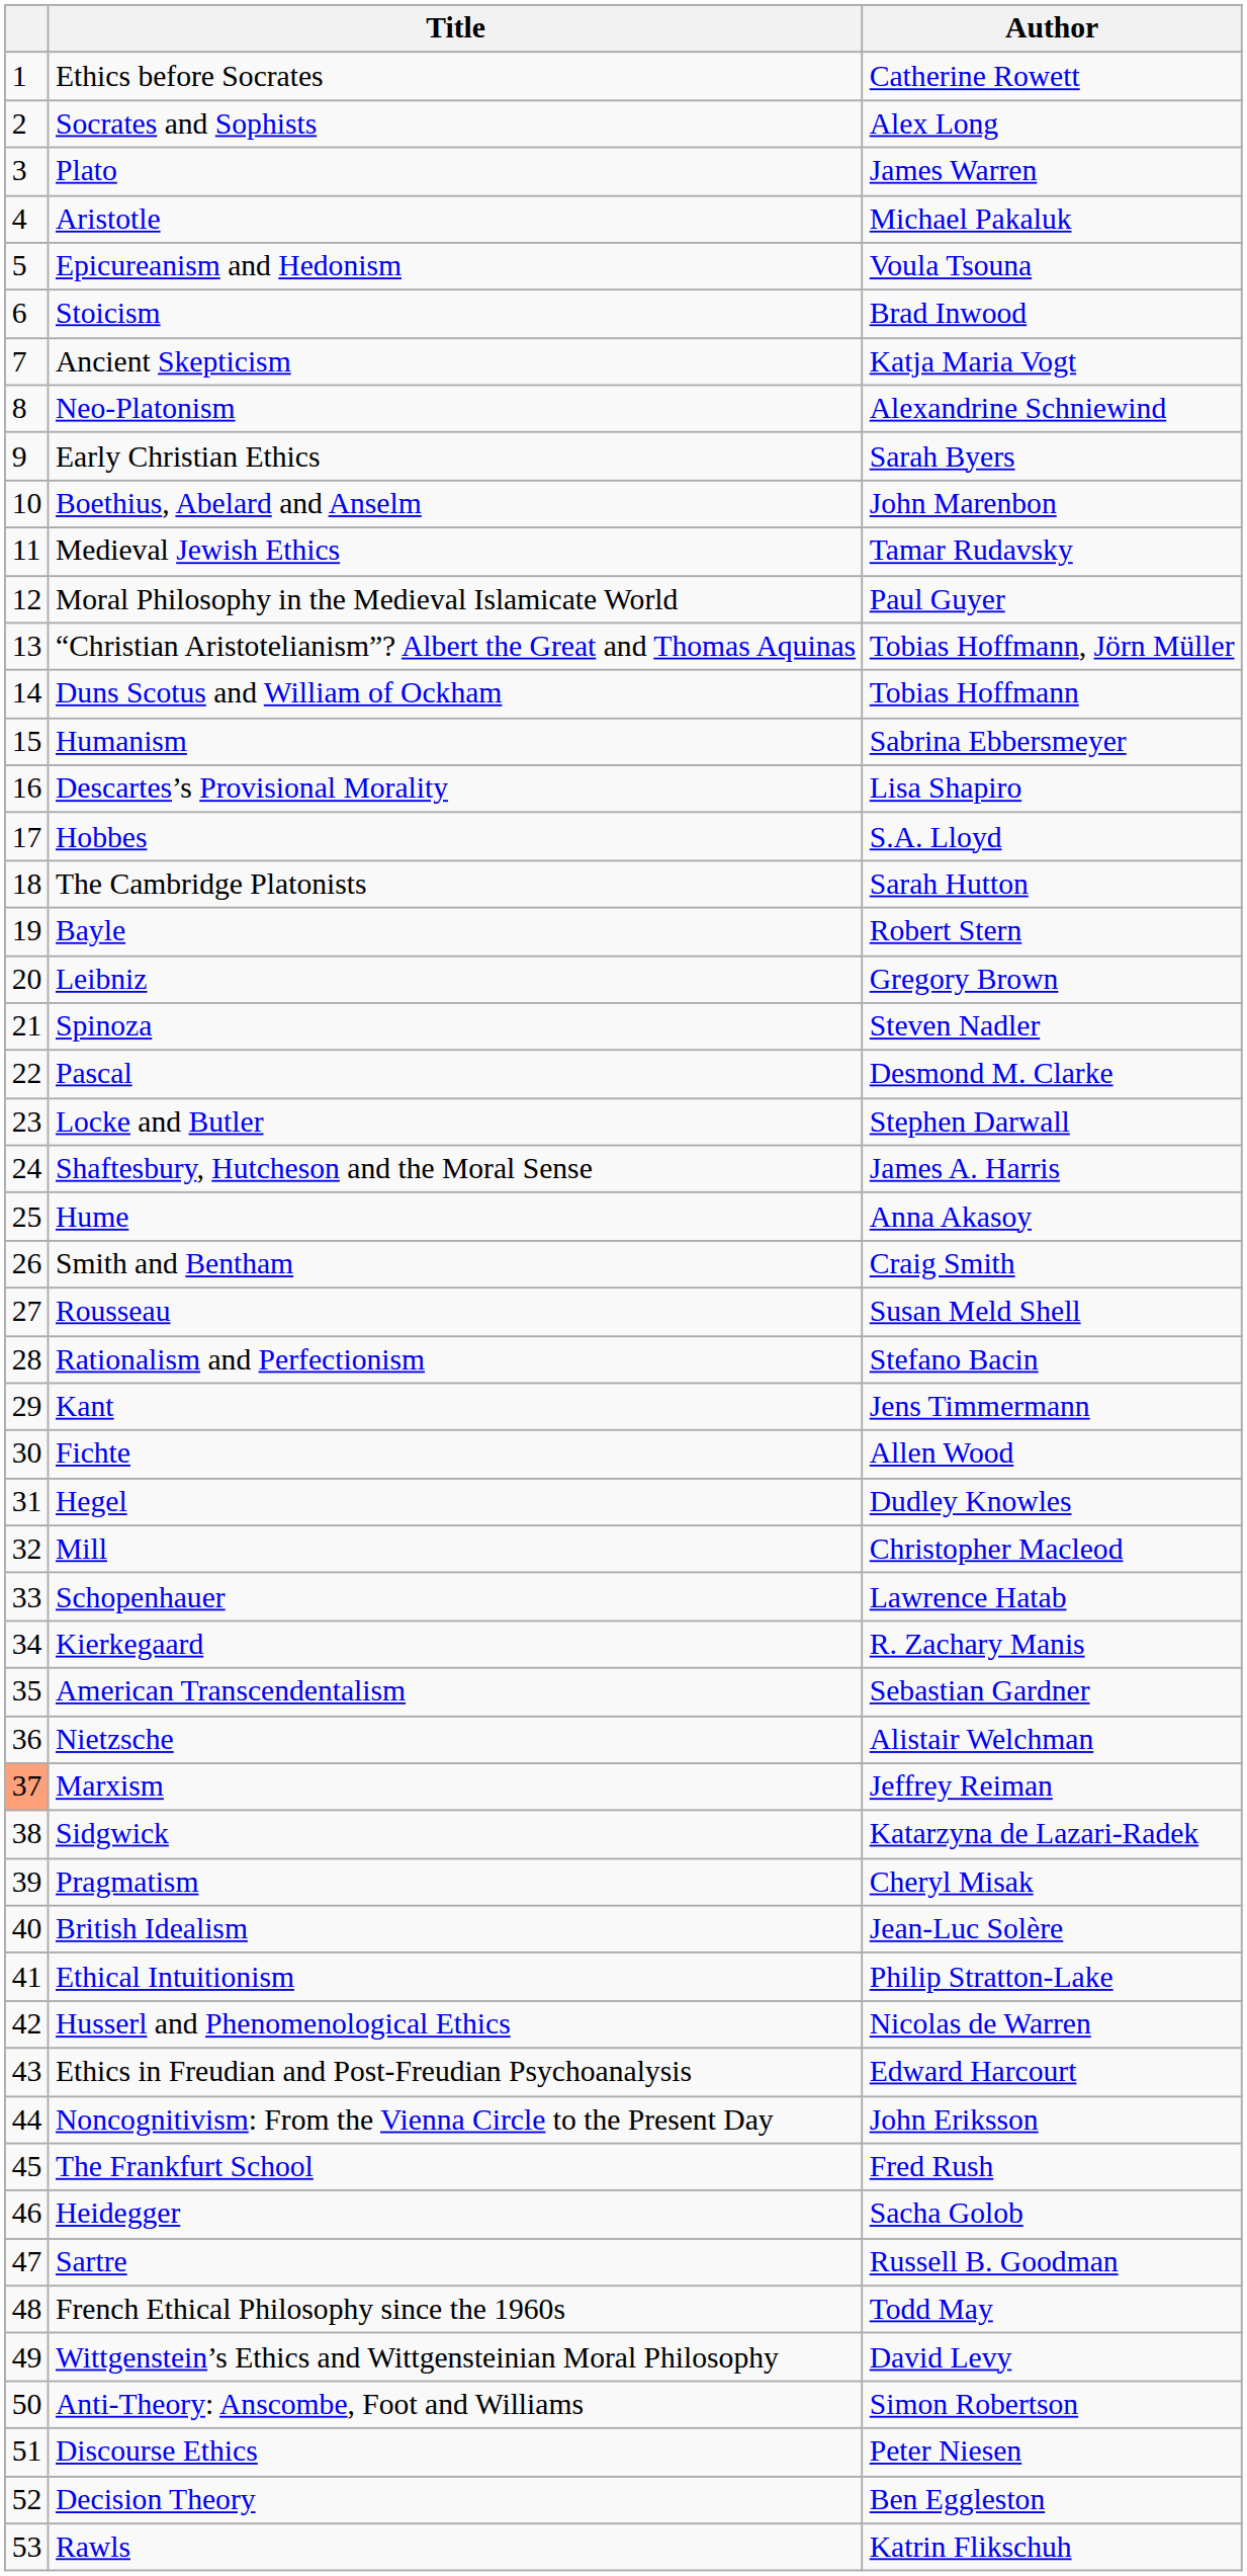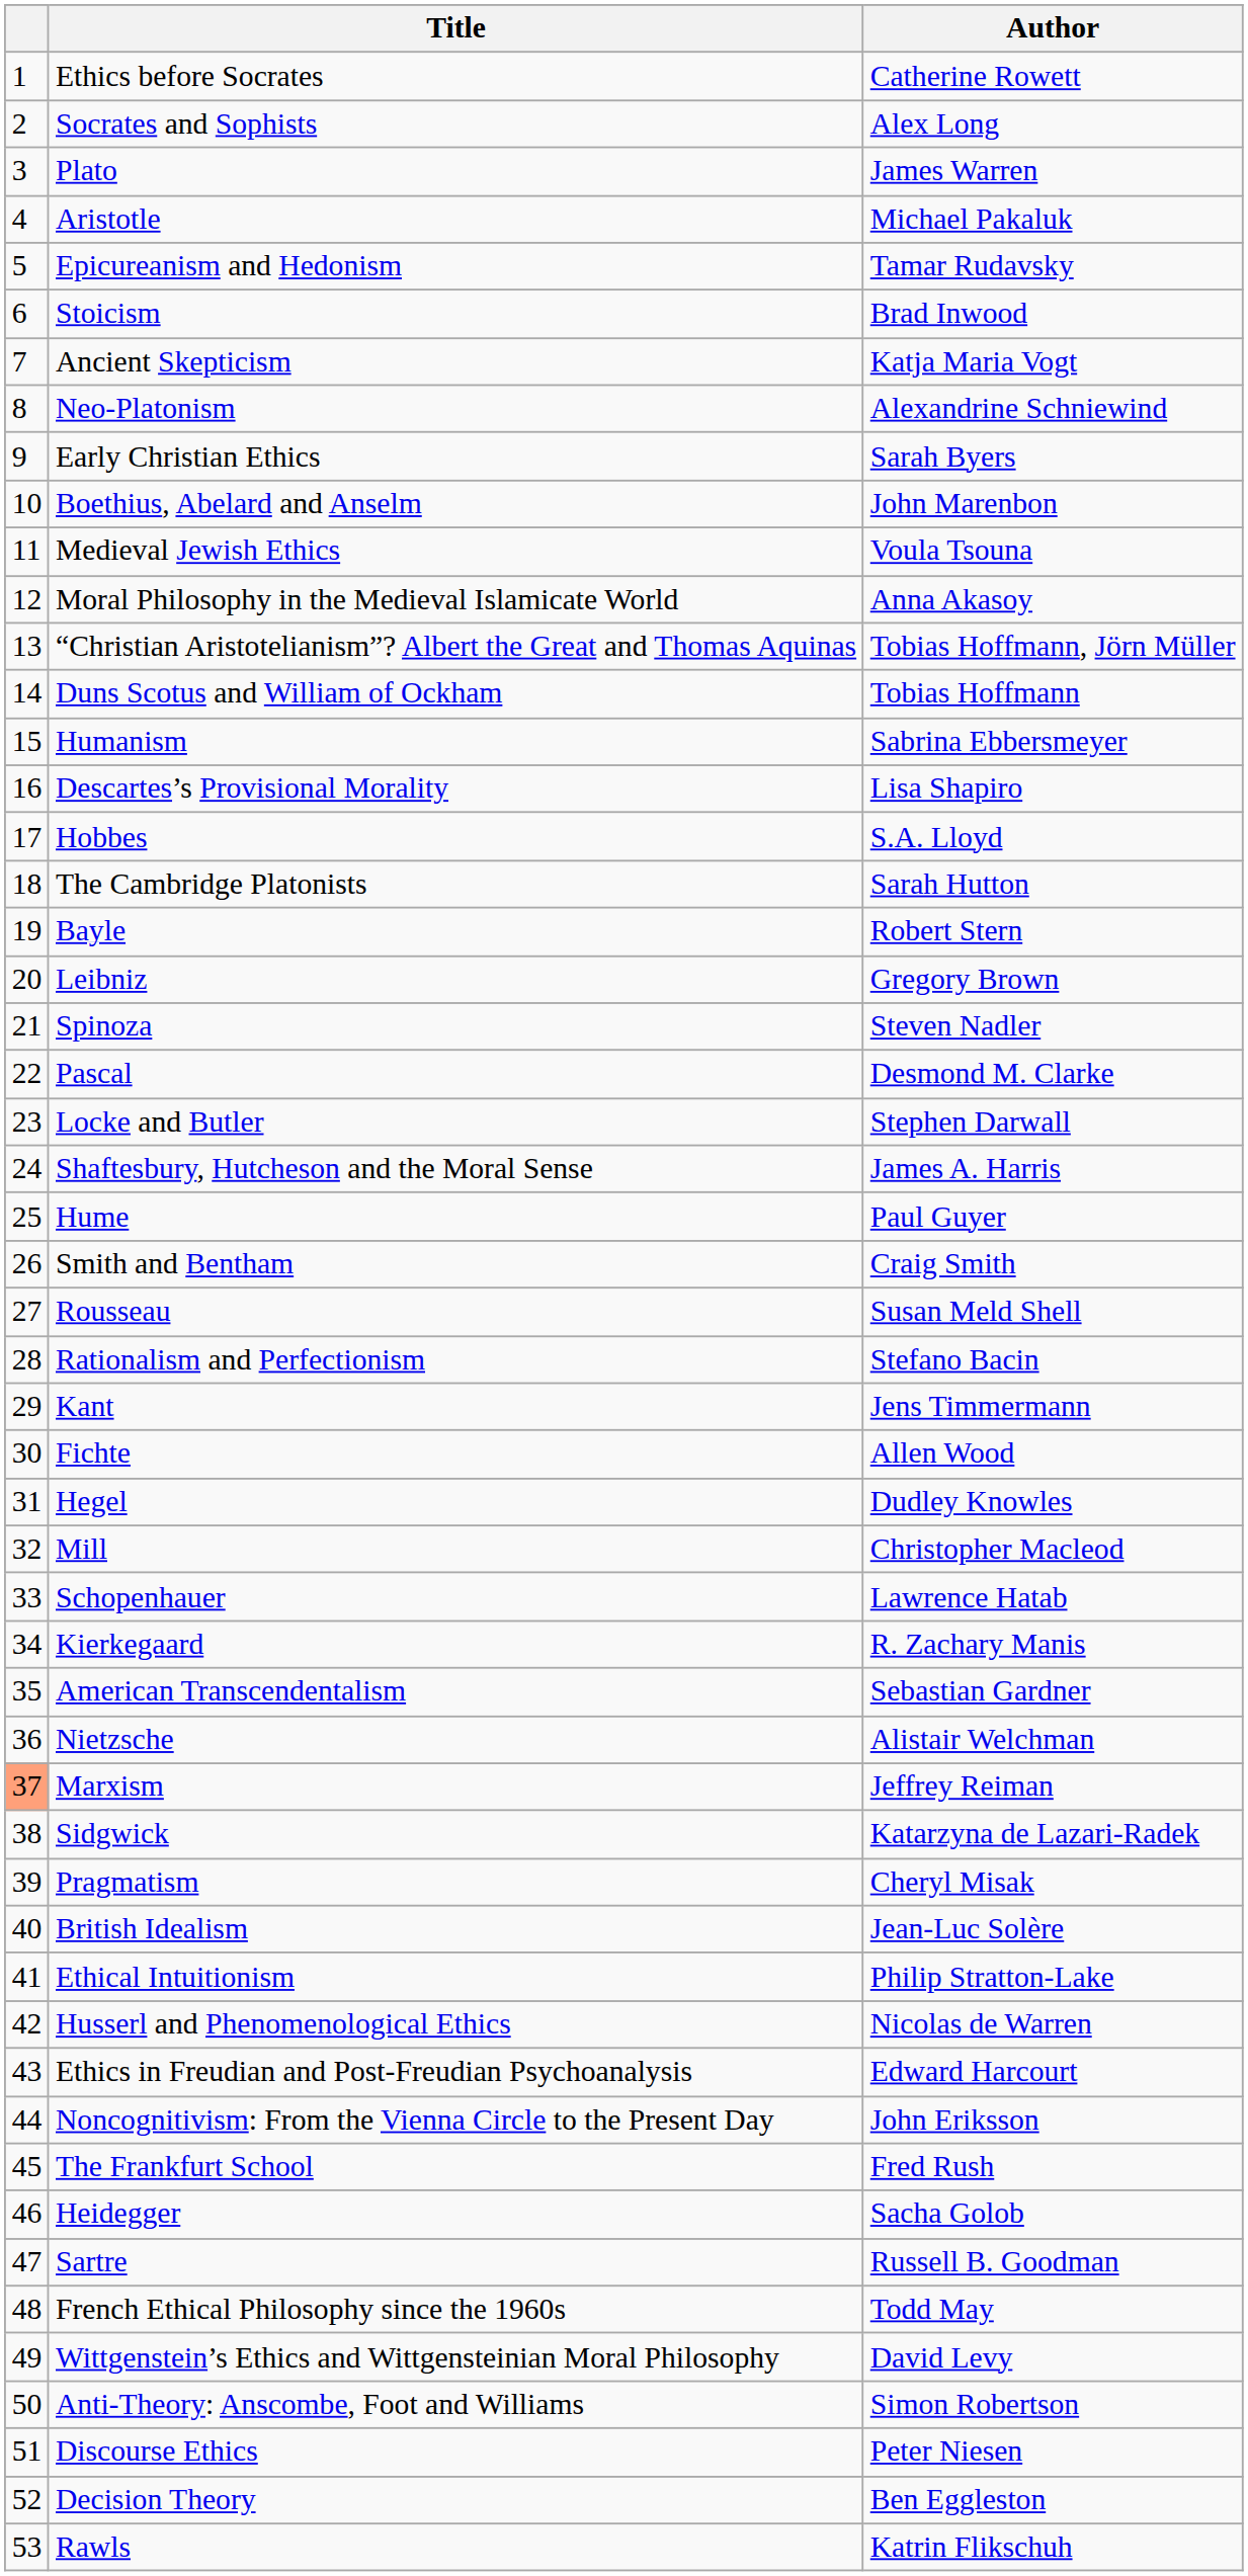 <table class="wikitable">
 <tr>
 <th></th>
 <th>Title</th>
 <th>Author</th>
 </tr>
 <tr>
 <td>1</td>
 <td>Ethics before Socrates</td>
 <td><a href='#'>Catherine Rowett</a></td>
 </tr>
 <tr>
 <td>2</td>
 <td><a href='#'>Socrates</a> and <a href='#'>Sophists</a></td>
 <td><a href='#'>Alex Long</a></td>
 </tr>
 <tr>
 <td>3</td>
 <td><a href='#'>Plato</a></td>
 <td><a href='#'>James Warren</a></td>
 </tr>
 <tr>
 <td>4</td>
 <td><a href='#'>Aristotle</a></td>
 <td><a href='#'>Michael Pakaluk</a></td>
 </tr>
 <tr>
 <td>5</td>
 <td><a href='#'>Epicureanism</a> and <a href='#'>Hedonism</a></td>
-<td><a href='#'>Voula Tsouna</a></td>
+<td><a href='#'>Tamar Rudavsky</a></td>
 </tr>
 <tr>
 <td>6</td>
 <td><a href='#'>Stoicism</a></td>
 <td><a href='#'>Brad Inwood</a></td>
 </tr>
 <tr>
 <td>7</td>
 <td>Ancient <a href='#'>Skepticism</a></td>
 <td><a href='#'>Katja Maria Vogt</a></td>
 </tr>
 <tr>
 <td>8</td>
 <td><a href='#'>Neo-Platonism</a></td>
 <td><a href='#'>Alexandrine Schniewind</a></td>
 </tr>
 <tr>
 <td>9</td>
 <td>Early Christian Ethics</td>
 <td><a href='#'>Sarah Byers</a></td>
 </tr>
 <tr>
 <td>10</td>
 <td><a href='#'>Boethius</a>, <a href='#'>Abelard</a> and <a href='#'>Anselm</a></td>
 <td><a href='#'>John Marenbon</a></td>
 </tr>
 <tr>
 <td>11</td>
 <td>Medieval <a href='#'>Jewish Ethics</a></td>
-<td><a href='#'>Tamar Rudavsky</a></td>
+<td><a href='#'>Voula Tsouna</a></td>
 </tr>
 <tr>
 <td>12</td>
 <td>Moral Philosophy in the Medieval Islamicate World</td>
-<td><a href='#'>Paul Guyer</a></td>
+<td><a href='#'>Anna Akasoy</a></td>
 </tr>
 <tr>
 <td>13</td>
 <td>“Christian Aristotelianism”? <a href='#'>Albert the Great</a> and <a href='#'>Thomas Aquinas</a></td>
 <td><a href='#'>Tobias Hoffmann</a>, <a href='#'>Jörn Müller</a></td>
 </tr>
 <tr>
 <td>14</td>
 <td><a href='#'>Duns Scotus</a> and <a href='#'>William of Ockham</a></td>
 <td><a href='#'>Tobias Hoffmann</a></td>
 </tr>
 <tr>
 <td>15</td>
 <td><a href='#'>Humanism</a></td>
 <td><a href='#'>Sabrina Ebbersmeyer</a></td>
 </tr>
 <tr>
 <td>16</td>
 <td><a href='#'>Descartes</a>’s <a href='#'>Provisional Morality</a></td>
 <td><a href='#'>Lisa Shapiro</a></td>
 </tr>
 <tr>
 <td>17</td>
 <td><a href='#'>Hobbes</a></td>
 <td><a href='#'>S.A. Lloyd</a></td>
 </tr>
 <tr>
 <td>18</td>
 <td>The Cambridge Platonists</td>
 <td><a href='#'>Sarah Hutton</a></td>
 </tr>
 <tr>
 <td>19</td>
 <td><a href='#'>Bayle</a></td>
 <td><a href='#'>Robert Stern</a></td>
 </tr>
 <tr>
 <td>20</td>
 <td><a href='#'>Leibniz</a></td>
 <td><a href='#'>Gregory Brown</a></td>
 </tr>
 <tr>
 <td>21</td>
 <td><a href='#'>Spinoza</a></td>
 <td><a href='#'>Steven Nadler</a></td>
 </tr>
 <tr>
 <td>22</td>
 <td><a href='#'>Pascal</a></td>
 <td><a href='#'>Desmond M. Clarke</a></td>
 </tr>
 <tr>
 <td>23</td>
 <td><a href='#'>Locke</a> and <a href='#'>Butler</a></td>
 <td><a href='#'>Stephen Darwall</a></td>
 </tr>
 <tr>
 <td>24</td>
 <td><a href='#'>Shaftesbury</a>, <a href='#'>Hutcheson</a> and the Moral Sense</td>
 <td><a href='#'>James A. Harris</a></td>
 </tr>
 <tr>
 <td>25</td>
 <td><a href='#'>Hume</a></td>
-<td><a href='#'>Anna Akasoy</a></td>
+<td><a href='#'>Paul Guyer</a></td>
 </tr>
 <tr>
 <td>26</td>
 <td>Smith and <a href='#'>Bentham</a></td>
 <td><a href='#'>Craig Smith</a></td>
 </tr>
 <tr>
 <td>27</td>
 <td><a href='#'>Rousseau</a></td>
 <td><a href='#'>Susan Meld Shell</a></td>
 </tr>
 <tr>
 <td>28</td>
 <td><a href='#'>Rationalism</a> and <a href='#'>Perfectionism</a></td>
 <td><a href='#'>Stefano Bacin</a></td>
 </tr>
 <tr>
 <td>29</td>
 <td><a href='#'>Kant</a></td>
 <td><a href='#'>Jens Timmermann</a></td>
 </tr>
 <tr>
 <td>30</td>
 <td><a href='#'>Fichte</a></td>
 <td><a href='#'>Allen Wood</a></td>
 </tr>
 <tr>
 <td>31</td>
 <td><a href='#'>Hegel</a></td>
 <td><a href='#'>Dudley Knowles</a></td>
 </tr>
 <tr>
 <td>32</td>
 <td><a href='#'>Mill</a></td>
 <td><a href='#'>Christopher Macleod</a></td>
 </tr>
 <tr>
 <td>33</td>
 <td><a href='#'>Schopenhauer</a></td>
 <td><a href='#'>Lawrence Hatab</a></td>
 </tr>
 <tr>
 <td>34</td>
 <td><a href='#'>Kierkegaard</a></td>
 <td><a href='#'>R. Zachary Manis</a></td>
 </tr>
 <tr>
 <td>35</td>
 <td><a href='#'>American Transcendentalism</a></td>
 <td><a href='#'>Sebastian Gardner</a></td>
 </tr>
 <tr>
 <td>36</td>
 <td><a href='#'>Nietzsche</a></td>
 <td><a href='#'>Alistair Welchman</a></td>
 </tr>
 <tr>
 <td style="background: lightsalmon;">37</td>
 <td><a href='#'>Marxism</a></td>
 <td><a href='#'>Jeffrey Reiman</a></td>
 </tr>
 <tr>
 <td>38</td>
 <td><a href='#'>Sidgwick</a></td>
 <td><a href='#'>Katarzyna de Lazari-Radek</a></td>
 </tr>
 <tr>
 <td>39</td>
 <td><a href='#'>Pragmatism</a></td>
 <td><a href='#'>Cheryl Misak</a></td>
 </tr>
 <tr>
 <td>40</td>
 <td><a href='#'>British Idealism</a></td>
 <td><a href='#'>Jean-Luc Solère</a></td>
 </tr>
 <tr>
 <td>41</td>
 <td><a href='#'>Ethical Intuitionism</a></td>
 <td><a href='#'>Philip Stratton-Lake</a></td>
 </tr>
 <tr>
 <td>42</td>
 <td><a href='#'>Husserl</a> and <a href='#'>Phenomenological Ethics</a></td>
 <td><a href='#'>Nicolas de Warren</a></td>
 </tr>
 <tr>
 <td>43</td>
 <td>Ethics in Freudian and Post-Freudian Psychoanalysis</td>
 <td><a href='#'>Edward Harcourt</a></td>
 </tr>
 <tr>
 <td>44</td>
 <td><a href='#'>Noncognitivism</a>: From the <a href='#'>Vienna Circle</a> to the Present Day</td>
 <td><a href='#'>John Eriksson</a></td>
 </tr>
 <tr>
 <td>45</td>
 <td><a href='#'>The Frankfurt School</a></td>
 <td><a href='#'>Fred Rush</a></td>
 </tr>
 <tr>
 <td>46</td>
 <td><a href='#'>Heidegger</a></td>
 <td><a href='#'>Sacha Golob</a></td>
 </tr>
 <tr>
 <td>47</td>
 <td><a href='#'>Sartre</a></td>
 <td><a href='#'>Russell B. Goodman</a></td>
 </tr>
 <tr>
 <td>48</td>
 <td>French Ethical Philosophy since the 1960s</td>
 <td><a href='#'>Todd May</a></td>
 </tr>
 <tr>
 <td>49</td>
 <td><a href='#'>Wittgenstein</a>’s Ethics and Wittgensteinian Moral Philosophy</td>
 <td><a href='#'>David Levy</a></td>
 </tr>
 <tr>
 <td>50</td>
 <td><a href='#'>Anti-Theory</a>: <a href='#'>Anscombe</a>, Foot and Williams</td>
 <td><a href='#'>Simon Robertson</a></td>
 </tr>
 <tr>
 <td>51</td>
 <td><a href='#'>Discourse Ethics</a></td>
 <td><a href='#'>Peter Niesen</a></td>
 </tr>
 <tr>
 <td>52</td>
 <td><a href='#'>Decision Theory</a></td>
 <td><a href='#'>Ben Eggleston</a></td>
 </tr>
 <tr>
 <td>53</td>
 <td><a href='#'>Rawls</a></td>
 <td><a href='#'>Katrin Flikschuh</a></td>
 </tr>
 </table>
